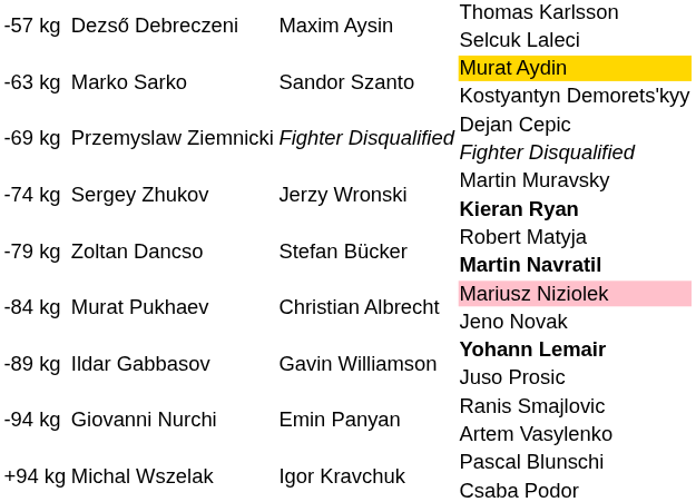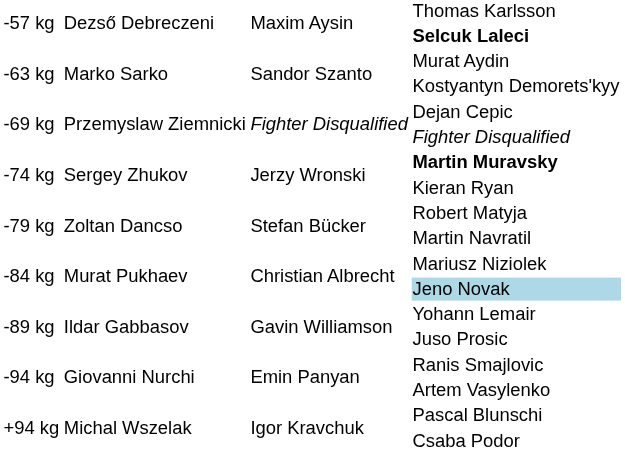 <table>
 <tr>
 <td rowspan=2>-57 kg<br></td>
 <td rowspan=2>Dezső Debreczeni </td>
 <td rowspan=2>Maxim Aysin </td>
 <td>Thomas Karlsson </td>
 </tr>
 <tr>
-<td>Selcuk Laleci </td>
+<td><strong>Selcuk Laleci </strong></td>
 </tr>
 <tr>
 <td rowspan=2>-63 kg<br></td>
 <td rowspan=2>Marko Sarko </td>
 <td rowspan=2>Sandor Szanto </td>
-<td style="background: gold;">Murat Aydin </td>
+<td>Murat Aydin </td>
 </tr>
 <tr>
 <td>Kostyantyn Demorets'kyy </td>
 </tr>
 <tr>
 <td rowspan=2>-69 kg<br></td>
 <td rowspan=2>Przemyslaw Ziemnicki </td>
 <td rowspan=2><em>Fighter Disqualified</em></td>
 <td>Dejan Cepic </td>
 </tr>
 <tr>
 <td><em>Fighter Disqualified</em></td>
 </tr>
 <tr>
 <td rowspan=2>-74 kg<br></td>
 <td rowspan=2>Sergey Zhukov </td>
 <td rowspan=2>Jerzy Wronski </td>
-<td>Martin Muravsky </td>
+<td><strong>Martin Muravsky </strong></td>
 </tr>
 <tr>
-<td><strong>Kieran Ryan </strong></td>
+<td>Kieran Ryan </td>
 </tr>
 <tr>
 <td rowspan=2>-79 kg<br></td>
 <td rowspan=2>Zoltan Dancso </td>
 <td rowspan=2>Stefan Bücker </td>
 <td>Robert Matyja </td>
 </tr>
 <tr>
-<td><strong>Martin Navratil </strong></td>
+<td>Martin Navratil </td>
 </tr>
 <tr>
 <td rowspan=2>-84 kg<br></td>
 <td rowspan=2>Murat Pukhaev </td>
 <td rowspan=2>Christian Albrecht </td>
-<td style="background: pink;">Mariusz Niziolek </td>
+<td>Mariusz Niziolek </td>
 </tr>
 <tr>
-<td>Jeno Novak </td>
+<td style="background: lightblue;">Jeno Novak </td>
 </tr>
 <tr>
 <td rowspan=2>-89 kg<br></td>
 <td rowspan=2>Ildar Gabbasov </td>
 <td rowspan=2>Gavin Williamson </td>
-<td><strong>Yohann Lemair </strong></td>
+<td>Yohann Lemair </td>
 </tr>
 <tr>
 <td>Juso Prosic </td>
 </tr>
 <tr>
 <td rowspan=2>-94 kg<br></td>
 <td rowspan=2>Giovanni Nurchi </td>
 <td rowspan=2>Emin Panyan </td>
 <td>Ranis Smajlovic </td>
 </tr>
 <tr>
 <td>Artem Vasylenko </td>
 </tr>
 <tr>
 <td rowspan=2>+94 kg<br></td>
 <td rowspan=2>Michal Wszelak </td>
 <td rowspan=2>Igor Kravchuk </td>
 <td>Pascal Blunschi </td>
 </tr>
 <tr>
 <td>Csaba Podor </td>
 </tr>
 <tr>
 </tr>
 </table>
